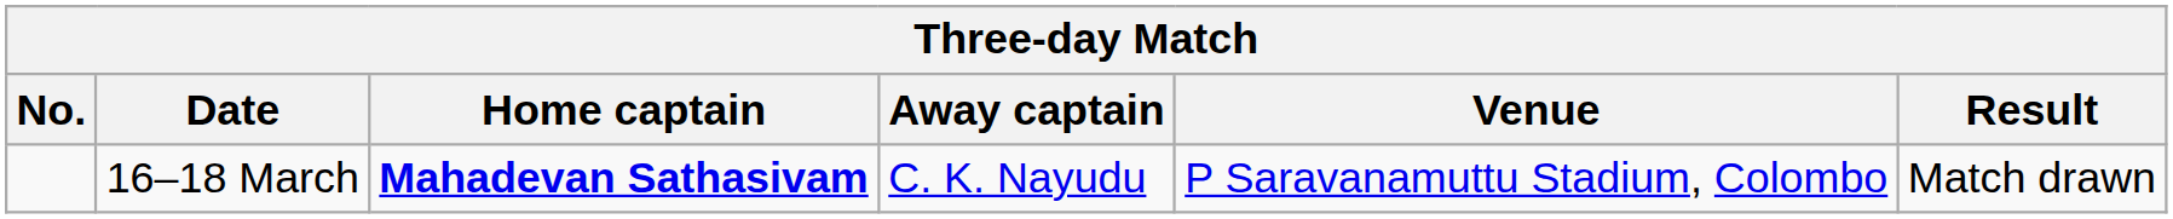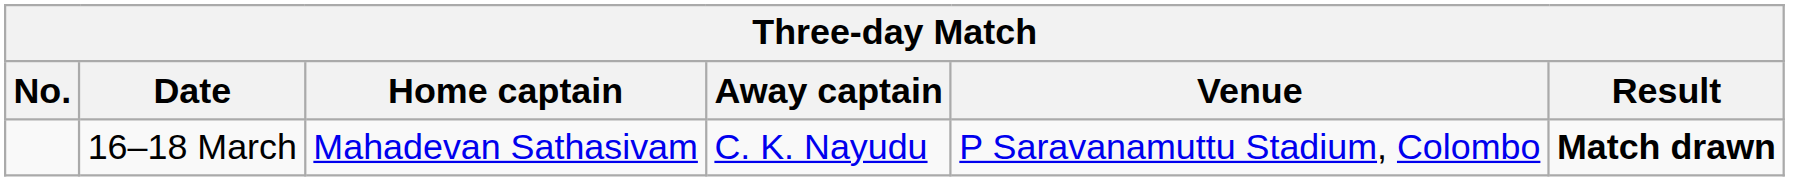 <table class="wikitable">
 <tr>
 <th colspan="9">Three-day Match</th>
 </tr>
 <tr>
 <th>No.</th>
 <th>Date</th>
 <th>Home captain</th>
 <th>Away captain</th>
 <th>Venue</th>
 <th>Result</th>
 </tr>
 <tr>
 <td></td>
 <td>16–18 March</td>
-<td><strong><a href='#'>Mahadevan Sathasivam</a></strong></td>
+<td><a href='#'>Mahadevan Sathasivam</a></td>
 <td><a href='#'>C. K. Nayudu</a></td>
 <td><a href='#'>P Saravanamuttu Stadium</a>, <a href='#'>Colombo</a></td>
-<td>Match drawn</td>
+<td><strong>Match drawn</strong></td>
 </tr>
 </table>
